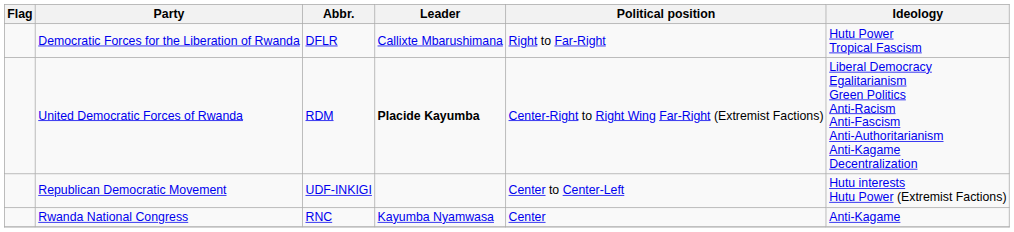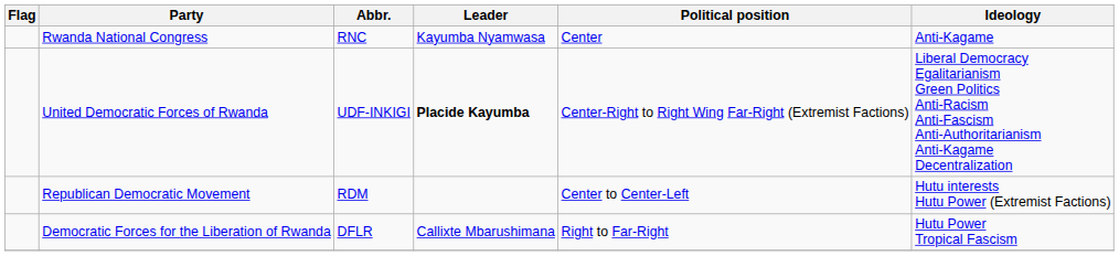 <table class="wikitable sortable|}">
 <tr>
 <th>Flag</th>
 <th>Party</th>
 <th>Abbr.</th>
 <th>Leader</th>
 <th>Political position</th>
 <th>Ideology</th>
 </tr>
 <tr>
 <td></td>
+<td><a href='#'>Rwanda National Congress</a><small><br></small></td>
+<td><a href='#'>RNC</a></td>
+<td><a href='#'>Kayumba Nyamwasa</a></td>
+<td><a href='#'>Center</a></td>
+<td><a href='#'>Anti-Kagame</a></td>
+</tr>
+<tr>
+<td></td>
+<td><a href='#'>United Democratic Forces of Rwanda</a><small><br></small></td>
+<td><a href='#'>UDF-INKIGI</a></td>
+<td><strong>Placide Kayumba</strong></td>
+<td><a href='#'>Center-Right</a> to <a href='#'>Right Wing</a>  <a href='#'>Far-Right</a> (Extremist Factions)</td>
+<td><a href='#'>Liberal Democracy</a><br><a href='#'>Egalitarianism</a><br><a href='#'>Green Politics</a><br><a href='#'>Anti-Racism</a><br><a href='#'>Anti-Fascism</a><br><a href='#'>Anti-Authoritarianism</a><br><a href='#'>Anti-Kagame</a><br><a href='#'>Decentralization</a></td>
+</tr>
+<tr>
+<td></td>
+<td><a href='#'>Republican Democratic Movement</a><small><br></small></td>
+<td><a href='#'>RDM</a></td>
+<td></td>
+<td><a href='#'>Center</a> to <a href='#'>Center-Left</a></td>
+<td><a href='#'>Hutu interests</a><br><a href='#'>Hutu Power</a> (Extremist Factions)</td>
+</tr>
+<tr>
+<td></td>
 <td><a href='#'>Democratic Forces for the Liberation of Rwanda</a><small><br></small></td>
 <td><a href='#'>DFLR</a></td>
 <td><a href='#'>Callixte Mbarushimana</a></td>
 <td><a href='#'>Right</a> to <a href='#'>Far-Right</a></td>
 <td><a href='#'>Hutu Power</a><br><a href='#'>Tropical Fascism</a></td>
 </tr>
 <tr>
-<td></td>
-<td><a href='#'>United Democratic Forces of Rwanda</a><small><br></small></td>
-<td><a href='#'>RDM</a></td>
-<td><strong>Placide Kayumba</strong></td>
-<td><a href='#'>Center-Right</a> to <a href='#'>Right Wing</a>  <a href='#'>Far-Right</a> (Extremist Factions)</td>
-<td><a href='#'>Liberal Democracy</a><br><a href='#'>Egalitarianism</a><br><a href='#'>Green Politics</a><br><a href='#'>Anti-Racism</a><br><a href='#'>Anti-Fascism</a><br><a href='#'>Anti-Authoritarianism</a><br><a href='#'>Anti-Kagame</a><br><a href='#'>Decentralization</a></td>
-</tr>
-<tr>
-<td></td>
-<td><a href='#'>Republican Democratic Movement</a><small><br></small></td>
-<td><a href='#'>UDF-INKIGI</a></td>
-<td></td>
-<td><a href='#'>Center</a> to <a href='#'>Center-Left</a></td>
-<td><a href='#'>Hutu interests</a><br><a href='#'>Hutu Power</a> (Extremist Factions)</td>
-</tr>
-<tr>
-<td></td>
-<td><a href='#'>Rwanda National Congress</a><small><br></small></td>
-<td><a href='#'>RNC</a></td>
-<td><a href='#'>Kayumba Nyamwasa</a></td>
-<td><a href='#'>Center</a></td>
-<td><a href='#'>Anti-Kagame</a></td>
-</tr>
-<tr>
 </tr>
 </table>
